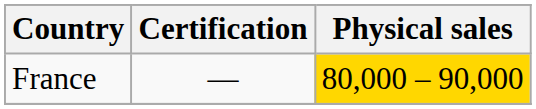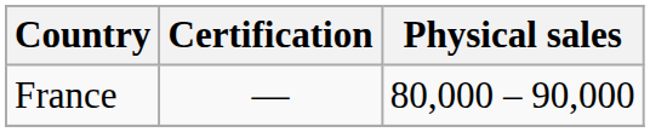 <table class="wikitable">
 <tr>
 <th>Country</th>
 <th>Certification</th>
 <th>Physical sales</th>
 </tr>
 <tr>
 <td align="left">France</td>
 <td align="center">—</td>
-<td align="center" style="background: gold;">80,000 – 90,000</td>
+<td align="center">80,000 – 90,000</td>
 </tr>
 <tr>
 </tr>
 </table>
